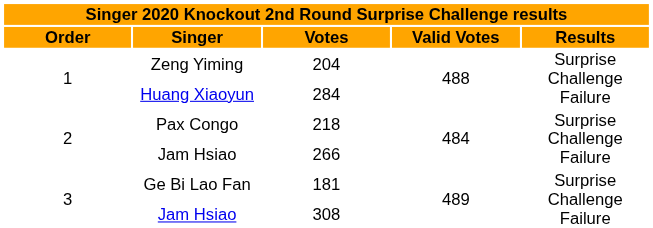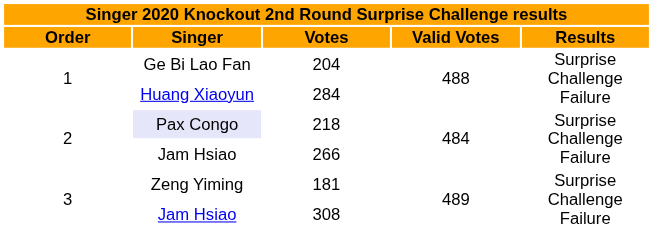 <table width="100%" style="text-align:center">
 <tr style="background:orange">
 <th colspan="5"><div>Singer 2020 Knockout 2nd Round Surprise Challenge results</div></th>
 </tr>
 <tr style="background:orange">
 <th style="width:20%">Order</th>
 <th style="width:20%">Singer</th>
 <th style="width:20%">Votes</th>
 <th style="width:20%">Valid Votes</th>
 <th style="width:20%">Results</th>
 </tr>
 <tr>
 <td rowspan=2>1</td>
-<td>Zeng Yiming</td>
+<td>Ge Bi Lao Fan</td>
 <td>204</td>
 <td rowspan=2>488</td>
 <td rowspan=2>Surprise Challenge Failure</td>
 </tr>
 <tr>
 <td><a href='#'>Huang Xiaoyun</a></td>
 <td>284</td>
 </tr>
 <tr>
 <td rowspan=2>2</td>
-<td>Pax Congo</td>
+<td style="background: lavender;">Pax Congo</td>
 <td>218</td>
 <td rowspan=2>484</td>
 <td rowspan=2>Surprise Challenge Failure</td>
 </tr>
 <tr>
 <td>Jam Hsiao</td>
 <td>266</td>
 </tr>
 <tr>
 <td rowspan=2>3</td>
-<td>Ge Bi Lao Fan</td>
+<td>Zeng Yiming</td>
 <td>181</td>
 <td rowspan=2>489</td>
 <td rowspan=2>Surprise Challenge Failure</td>
 </tr>
 <tr>
 <td><a href='#'>Jam Hsiao</a></td>
 <td>308</td>
 </tr>
 </table>
